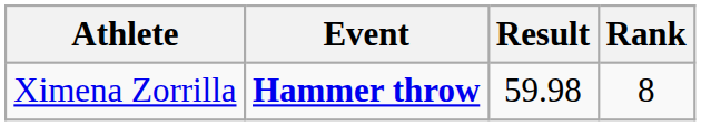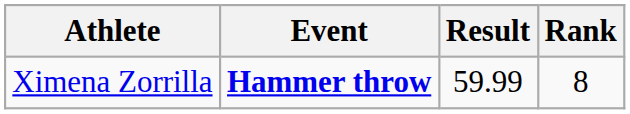 <table class=wikitable style=font-size:90%;text-align:center>
 <tr>
 <th>Athlete</th>
 <th>Event</th>
 <th>Result</th>
 <th>Rank</th>
 </tr>
 <tr>
 <td align=left><a href='#'>Ximena Zorrilla⁣</a></td>
 <td align=left><strong><a href='#'>Hammer throw</a></strong></td>
-<td>59.98</td>
+<td>59.99</td>
 <td>8</td>
 </tr>
 </table>
